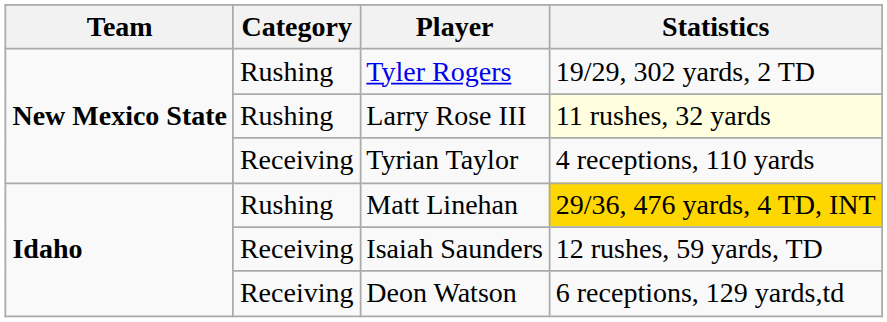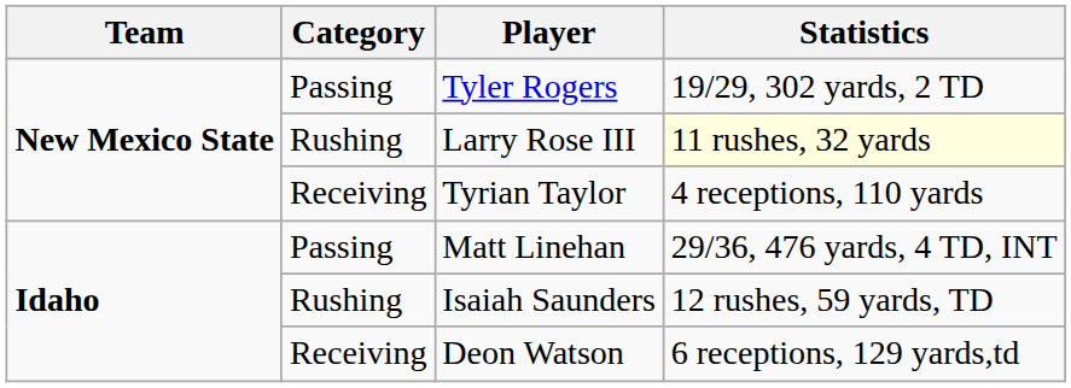 <table class="wikitable" style="float: right;">
 <tr>
 <th>Team</th>
 <th>Category</th>
 <th>Player</th>
 <th>Statistics</th>
 </tr>
 <tr>
 <td rowspan=3><strong>New Mexico State</strong></td>
-<td>Rushing</td>
+<td>Passing</td>
 <td><a href='#'>Tyler Rogers</a></td>
 <td>19/29, 302 yards, 2 TD</td>
 </tr>
 <tr>
 <td>Rushing</td>
 <td>Larry Rose III</td>
 <td style="background: lightyellow;">11 rushes, 32 yards</td>
 </tr>
 <tr>
 <td>Receiving</td>
 <td>Tyrian Taylor</td>
 <td>4 receptions, 110 yards</td>
 </tr>
 <tr>
 <td rowspan=3><strong>Idaho</strong></td>
-<td>Rushing</td>
+<td>Passing</td>
 <td>Matt Linehan</td>
-<td style="background: gold;">29/36, 476 yards, 4 TD, INT</td>
+<td>29/36, 476 yards, 4 TD, INT</td>
 </tr>
 <tr>
-<td>Receiving</td>
+<td>Rushing</td>
 <td>Isaiah Saunders</td>
 <td>12 rushes, 59 yards, TD</td>
 </tr>
 <tr>
 <td>Receiving</td>
 <td>Deon Watson</td>
 <td>6 receptions, 129 yards,td</td>
 </tr>
 </table>
